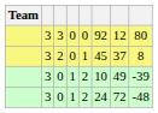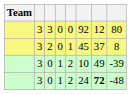 <table class="wikitable" style="text-align: center;">
 <tr>
 <th>Team</th>
 <th></th>
 <th></th>
 <th></th>
 <th></th>
 <th></th>
 <th></th>
 <th></th>
 </tr>
 <tr bgcolor="#F8F880">
 <td align="left"></td>
 <td>3</td>
 <td>3</td>
 <td>0</td>
 <td>0</td>
 <td>92</td>
 <td>12</td>
 <td>80</td>
 </tr>
 <tr bgcolor="#F8F880">
 <td align="left"></td>
 <td>3</td>
 <td>2</td>
 <td>0</td>
 <td>1</td>
 <td>45</td>
 <td>37</td>
 <td>8</td>
 </tr>
 <tr bgcolor="ccffcc">
 <td align="left"></td>
 <td>3</td>
 <td>0</td>
 <td>1</td>
 <td>2</td>
 <td>10</td>
 <td>49</td>
 <td>-39</td>
 </tr>
 <tr bgcolor="ccffcc">
 <td align="left"></td>
 <td>3</td>
 <td>0</td>
 <td>1</td>
 <td>2</td>
 <td>24</td>
-<td>72</td>
+<td><strong>72</strong></td>
 <td>-48</td>
 </tr>
 </table>
